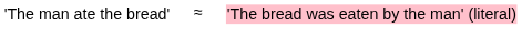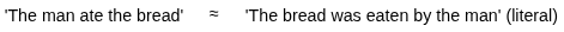 <table>
 <tr>
 <td></td>
 <td rowspan="2" style="width: 50px; text-align: center">≈</td>
 <td></td>
 </tr>
 <tr>
 <td>'The man ate the bread'</td>
-<td style="background: pink;">'The bread was eaten by the man' (literal)</td>
+<td>'The bread was eaten by the man' (literal)</td>
 </tr>
 </table>
